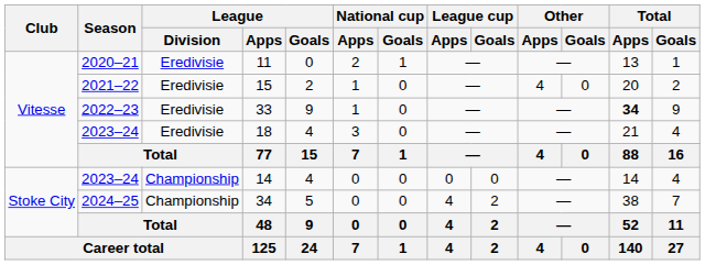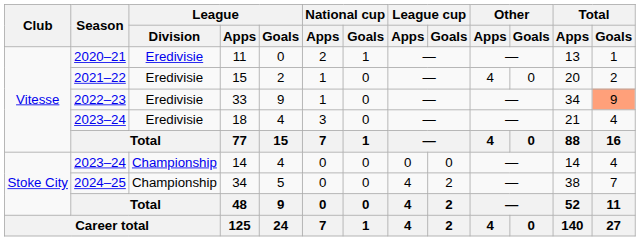 <table class="wikitable" style="text-align:center">
 <tr>
 <th rowspan="2">Club</th>
 <th rowspan="2">Season</th>
 <th colspan="3">League</th>
 <th colspan="2">National cup</th>
 <th colspan="2">League cup</th>
 <th colspan="2">Other</th>
 <th colspan="2">Total</th>
 </tr>
 <tr>
 <th>Division</th>
 <th>Apps</th>
 <th>Goals</th>
 <th>Apps</th>
 <th>Goals</th>
 <th>Apps</th>
 <th>Goals</th>
 <th>Apps</th>
 <th>Goals</th>
 <th>Apps</th>
 <th>Goals</th>
 </tr>
 <tr>
 <td rowspan="5"><a href='#'>Vitesse</a></td>
 <td><a href='#'>2020–21</a></td>
 <td><a href='#'>Eredivisie</a></td>
 <td>11</td>
 <td>0</td>
 <td>2</td>
 <td>1</td>
 <td colspan="2">—</td>
 <td colspan="2">—</td>
 <td>13</td>
 <td>1</td>
 </tr>
 <tr>
 <td><a href='#'>2021–22</a></td>
 <td>Eredivisie</td>
 <td>15</td>
 <td>2</td>
 <td>1</td>
 <td>0</td>
 <td colspan="2">—</td>
 <td>4</td>
 <td>0</td>
 <td>20</td>
 <td>2</td>
 </tr>
 <tr>
 <td><a href='#'>2022–23</a></td>
 <td>Eredivisie</td>
 <td>33</td>
 <td>9</td>
 <td>1</td>
 <td>0</td>
 <td colspan="2">—</td>
 <td colspan="2">—</td>
-<td><strong>34</strong></td>
-<td>9</td>
+<td>34</td>
+<td style="background: lightsalmon;">9</td>
 </tr>
 <tr>
 <td><a href='#'>2023–24</a></td>
 <td>Eredivisie</td>
 <td>18</td>
 <td>4</td>
 <td>3</td>
 <td>0</td>
 <td colspan="2">—</td>
 <td colspan="2">—</td>
 <td>21</td>
 <td>4</td>
 </tr>
 <tr>
 <th colspan="2">Total</th>
 <th>77</th>
 <th>15</th>
 <th>7</th>
 <th>1</th>
 <th colspan="2">—</th>
 <th>4</th>
 <th>0</th>
 <th>88</th>
 <th>16</th>
 </tr>
 <tr>
 <td rowspan=3><a href='#'>Stoke City</a></td>
 <td><a href='#'>2023–24</a></td>
 <td><a href='#'>Championship</a></td>
 <td>14</td>
 <td>4</td>
 <td>0</td>
 <td>0</td>
 <td>0</td>
 <td>0</td>
 <td colspan="2">—</td>
 <td>14</td>
 <td>4</td>
 </tr>
 <tr>
 <td><a href='#'>2024–25</a></td>
 <td>Championship</td>
 <td>34</td>
 <td>5</td>
 <td>0</td>
 <td>0</td>
 <td>4</td>
 <td>2</td>
 <td colspan="2">—</td>
 <td>38</td>
 <td>7</td>
 </tr>
 <tr>
 <th colspan="2">Total</th>
 <th>48</th>
 <th>9</th>
 <th>0</th>
 <th>0</th>
 <th>4</th>
 <th>2</th>
 <th colspan="2">—</th>
 <th>52</th>
 <th>11</th>
 </tr>
 <tr>
 <th colspan="3">Career total</th>
 <th>125</th>
 <th>24</th>
 <th>7</th>
 <th>1</th>
 <th>4</th>
 <th>2</th>
 <th>4</th>
 <th>0</th>
 <th>140</th>
 <th>27</th>
 </tr>
 </table>
